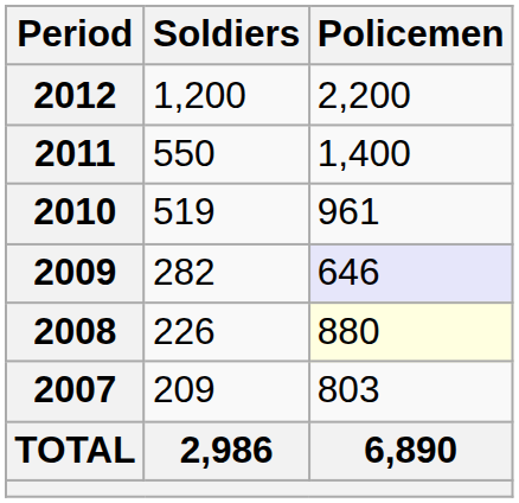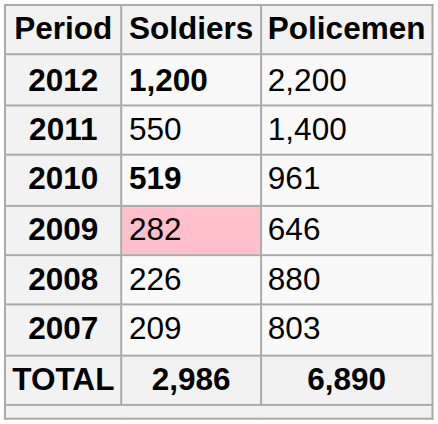 <table class="wikitable" align="center" style="margin:0 1em 0.5em 0;">
 <tr>
 <th>Period</th>
 <th>Soldiers</th>
 <th>Policemen</th>
 </tr>
 <tr>
 <th>2012</th>
-<td>1,200</td>
+<td><strong>1,200</strong></td>
 <td>2,200</td>
 </tr>
 <tr>
 <th>2011</th>
 <td>550</td>
 <td>1,400</td>
 </tr>
 <tr>
 <th>2010</th>
-<td>519</td>
+<td><strong>519</strong></td>
 <td>961</td>
 </tr>
 <tr>
 <th>2009</th>
-<td>282</td>
-<td style="background: lavender;">646</td>
+<td style="background: pink;">282</td>
+<td>646</td>
 </tr>
 <tr>
 <th>2008</th>
 <td>226</td>
-<td style="background: lightyellow;">880</td>
+<td>880</td>
 </tr>
 <tr>
 <th>2007</th>
 <td>209</td>
 <td>803</td>
 </tr>
 <tr>
 <th><span>TOTAL</span></th>
 <th>2,986</th>
 <th>6,890</th>
 </tr>
 <tr>
 <th colspan="5"></th>
 </tr>
 </table>
